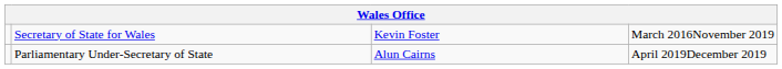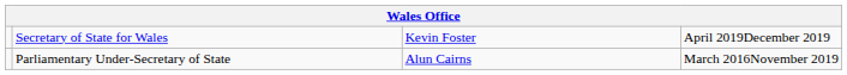 <table class="wikitable">
 <tr>
 <th colspan="4"><a href='#'>Wales Office</a></th>
 </tr>
 <tr>
 <td style="width: 1px; background: "></td>
 <td style="width: 450px;"><a href='#'>Secretary of State for Wales</a></td>
 <td style="width: 320px;"><a href='#'>Kevin Foster</a> <br></td>
-<td>March 2016November 2019</td>
+<td>April 2019December 2019</td>
 </tr>
 <tr>
 <td style="width: 1px; background: "></td>
 <td style="width: 450px;">Parliamentary Under-Secretary of State</td>
 <td style="width: 320px;"><a href='#'>Alun Cairns</a></td>
-<td>April 2019December 2019</td>
+<td>March 2016November 2019</td>
 </tr>
 </table>
